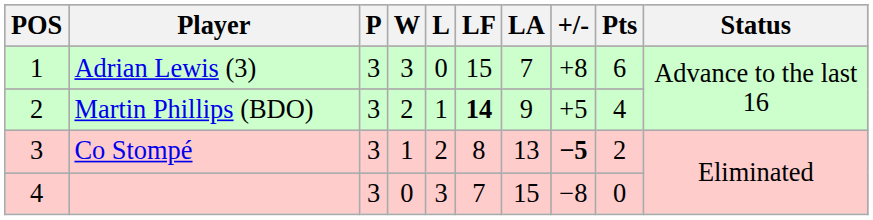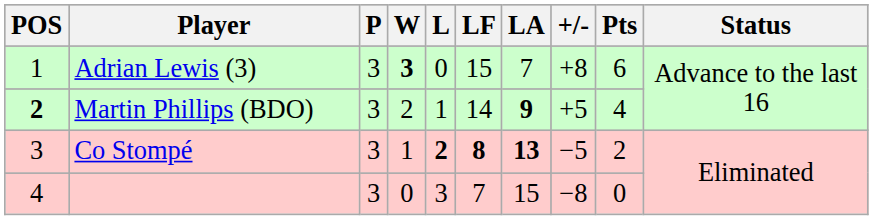 <table class="wikitable" style="text-align:center; margin: 1em auto 1em auto, align:left">
 <tr>
 <th width=20>POS</th>
 <th width=169>Player</th>
 <th width=3>P</th>
 <th width=3>W</th>
 <th width=3>L</th>
 <th width=20>LF</th>
 <th width=20>LA</th>
 <th width=20>+/-</th>
 <th width=20>Pts</th>
 <th width=129>Status</th>
 </tr>
 <tr style="background:#CCFFCC;">
 <td>1</td>
 <td style="text-align:left;"> <a href='#'>Adrian Lewis</a> (3)</td>
 <td>3</td>
-<td>3</td>
+<td><strong>3</strong></td>
 <td>0</td>
 <td>15</td>
 <td>7</td>
 <td>+8</td>
 <td>6</td>
 <td rowspan=2>Advance to the last 16</td>
 </tr>
 <tr style="background:#CCFFCC;">
-<td>2</td>
+<td><strong>2</strong></td>
 <td style="text-align:left;"> <a href='#'>Martin Phillips</a> (BDO)</td>
 <td>3</td>
 <td>2</td>
 <td>1</td>
-<td><strong>14</strong></td>
-<td>9</td>
+<td>14</td>
+<td><strong>9</strong></td>
 <td>+5</td>
 <td>4</td>
 </tr>
 <tr style="background:#FFCCCC;">
 <td>3</td>
 <td style="text-align:left;"> <a href='#'>Co Stompé</a></td>
 <td>3</td>
 <td>1</td>
-<td>2</td>
-<td>8</td>
-<td>13</td>
-<td><strong>−5</strong></td>
+<td><strong>2</strong></td>
+<td><strong>8</strong></td>
+<td><strong>13</strong></td>
+<td>−5</td>
 <td>2</td>
 <td rowspan=2>Eliminated</td>
 </tr>
 <tr style="background:#FFCCCC;">
 <td>4</td>
 <td style="text-align:left;"></td>
 <td>3</td>
 <td>0</td>
 <td>3</td>
 <td>7</td>
 <td>15</td>
 <td>−8</td>
 <td>0</td>
 </tr>
 </table>
